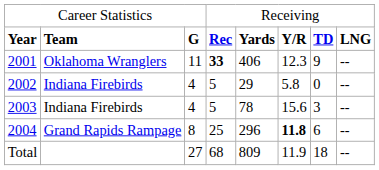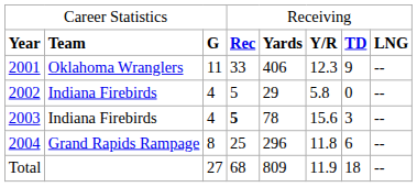 <table class="wikitable" border=0 style="background: #FFFFFF;">
 <tr>
 <td colspan=3 align="center">Career Statistics</td>
 <td colspan=5 align="center">Receiving</td>
 </tr>
 <tr>
 <td><strong>Year</strong></td>
 <td><strong>Team</strong></td>
 <td><strong>G</strong></td>
 <td><strong><a href='#'>Rec</a></strong></td>
 <td><strong>Yards</strong></td>
 <td><strong>Y/R</strong></td>
 <td><strong><a href='#'>TD</a></strong></td>
 <td><strong>LNG</strong></td>
 </tr>
 <tr>
 <td><a href='#'>2001</a></td>
 <td><a href='#'>Oklahoma Wranglers</a></td>
 <td>11</td>
-<td><strong>33</strong></td>
+<td>33</td>
 <td>406</td>
 <td>12.3</td>
 <td>9</td>
 <td>--</td>
 </tr>
 <tr>
 <td><a href='#'>2002</a></td>
 <td><a href='#'>Indiana Firebirds</a></td>
 <td>4</td>
 <td>5</td>
 <td>29</td>
 <td>5.8</td>
 <td>0</td>
 <td>--</td>
 </tr>
 <tr>
 <td><a href='#'>2003</a></td>
 <td>Indiana Firebirds</td>
 <td>4</td>
-<td>5</td>
+<td><strong>5</strong></td>
 <td>78</td>
 <td>15.6</td>
 <td>3</td>
 <td>--</td>
 </tr>
 <tr>
 <td><a href='#'>2004</a></td>
 <td><a href='#'>Grand Rapids Rampage</a></td>
 <td>8</td>
 <td>25</td>
 <td>296</td>
-<td><strong>11.8</strong></td>
+<td>11.8</td>
 <td>6</td>
 <td>--</td>
 </tr>
 <tr>
 <td>Total</td>
 <td></td>
 <td>27</td>
 <td>68</td>
 <td>809</td>
 <td>11.9</td>
 <td>18</td>
 <td>--</td>
 </tr>
 </table>
